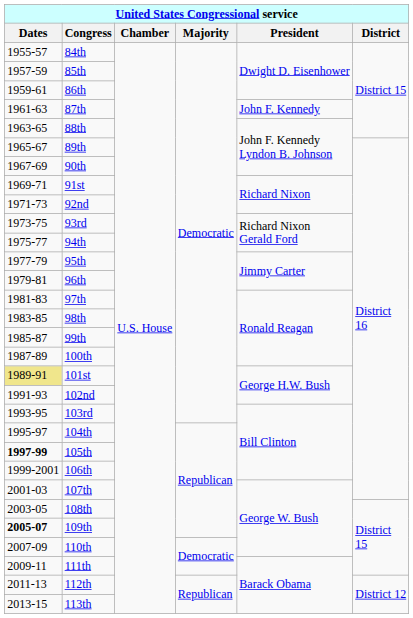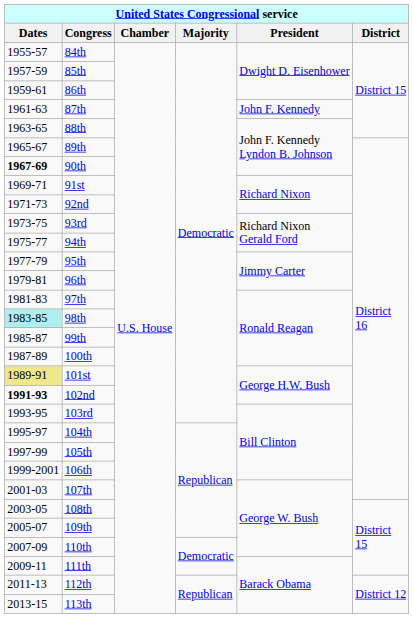 <table class="wikitable">
 <tr>
 <th colspan="6" style="background:#cff;"><a href='#'>United States Congressional</a> service</th>
 </tr>
 <tr>
 <th>Dates</th>
 <th>Congress</th>
 <th>Chamber</th>
 <th>Majority</th>
 <th>President</th>
 <th>District</th>
 </tr>
 <tr>
 <td>1955-57</td>
 <td><a href='#'>84th</a></td>
 <td rowspan="30"><a href='#'>U.S. House</a></td>
 <td rowspan="20"><a href='#'>Democratic</a></td>
 <td rowspan="3"><a href='#'>Dwight D. Eisenhower</a></td>
 <td rowspan="5"><a href='#'>District 15</a></td>
 </tr>
 <tr>
 <td>1957-59</td>
 <td><a href='#'>85th</a></td>
 </tr>
 <tr>
 <td>1959-61</td>
 <td><a href='#'>86th</a></td>
 </tr>
 <tr>
 <td>1961-63</td>
 <td><a href='#'>87th</a></td>
 <td><a href='#'>John F. Kennedy</a></td>
 </tr>
 <tr>
 <td>1963-65</td>
 <td><a href='#'>88th</a></td>
 <td rowspan="3">John F. Kennedy<br><a href='#'>Lyndon B. Johnson</a></td>
 </tr>
 <tr>
 <td>1965-67</td>
 <td><a href='#'>89th</a></td>
 <td rowspan="19"><a href='#'>District</a><br><a href='#'>16</a></td>
 </tr>
 <tr>
-<td>1967-69</td>
+<td><strong>1967-69</strong></td>
 <td><a href='#'>90th</a></td>
 </tr>
 <tr>
 <td>1969-71</td>
 <td><a href='#'>91st</a></td>
 <td rowspan="2"><a href='#'>Richard Nixon</a></td>
 </tr>
 <tr>
 <td>1971-73</td>
 <td><a href='#'>92nd</a></td>
 </tr>
 <tr>
 <td>1973-75</td>
 <td><a href='#'>93rd</a></td>
 <td rowspan="2">Richard Nixon<br><a href='#'>Gerald Ford</a></td>
 </tr>
 <tr>
 <td>1975-77</td>
 <td><a href='#'>94th</a></td>
 </tr>
 <tr>
 <td>1977-79</td>
 <td><a href='#'>95th</a></td>
 <td rowspan="2"><a href='#'>Jimmy Carter</a></td>
 </tr>
 <tr>
 <td>1979-81</td>
 <td><a href='#'>96th</a></td>
 </tr>
 <tr>
 <td>1981-83</td>
 <td><a href='#'>97th</a></td>
 <td rowspan="4"><a href='#'>Ronald Reagan</a></td>
 </tr>
 <tr>
-<td>1983-85</td>
+<td style="background: paleturquoise;">1983-85</td>
 <td><a href='#'>98th</a></td>
 </tr>
 <tr>
 <td>1985-87</td>
 <td><a href='#'>99th</a></td>
 </tr>
 <tr>
 <td>1987-89</td>
 <td><a href='#'>100th</a></td>
 </tr>
 <tr>
 <td style="background: khaki;">1989-91</td>
 <td><a href='#'>101st</a></td>
 <td rowspan="2"><a href='#'>George H.W. Bush</a></td>
 </tr>
 <tr>
-<td>1991-93</td>
+<td><strong>1991-93</strong></td>
 <td><a href='#'>102nd</a></td>
 </tr>
 <tr>
 <td>1993-95</td>
 <td><a href='#'>103rd</a></td>
 <td rowspan="4"><a href='#'>Bill Clinton</a></td>
 </tr>
 <tr>
 <td>1995-97</td>
 <td><a href='#'>104th</a></td>
 <td rowspan="6"><a href='#'>Republican</a></td>
 </tr>
 <tr>
-<td><strong>1997-99</strong></td>
+<td>1997-99</td>
 <td><a href='#'>105th</a></td>
 </tr>
 <tr>
 <td>1999-2001</td>
 <td><a href='#'>106th</a></td>
 </tr>
 <tr>
 <td>2001-03</td>
 <td><a href='#'>107th</a></td>
 <td rowspan="4"><a href='#'>George W. Bush</a></td>
 </tr>
 <tr>
 <td>2003-05</td>
 <td><a href='#'>108th</a></td>
 <td rowspan="4"><a href='#'>District</a><br><a href='#'>15</a></td>
 </tr>
 <tr>
-<td><strong>2005-07</strong></td>
+<td>2005-07</td>
 <td><a href='#'>109th</a></td>
 </tr>
 <tr>
 <td>2007-09</td>
 <td><a href='#'>110th</a></td>
 <td rowspan="2"><a href='#'>Democratic</a></td>
 </tr>
 <tr>
 <td>2009-11</td>
 <td><a href='#'>111th</a></td>
 <td rowspan="3"><a href='#'>Barack Obama</a></td>
 </tr>
 <tr>
 <td>2011-13</td>
 <td><a href='#'>112th</a></td>
 <td rowspan="2"><a href='#'>Republican</a></td>
 <td rowspan="2"><a href='#'>District 12</a></td>
 </tr>
 <tr>
 <td>2013-15</td>
 <td><a href='#'>113th</a></td>
 </tr>
 </table>
